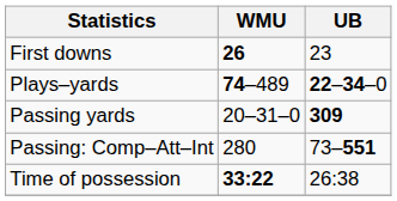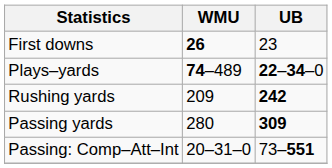 <table class="wikitable" style="float: left;">
 <tr>
 <th>Statistics</th>
 <th>WMU</th>
 <th>UB</th>
 </tr>
 <tr>
 <td>First downs</td>
 <td><strong>26</strong></td>
 <td>23</td>
 </tr>
 <tr>
 <td>Plays–yards</td>
 <td><strong>74</strong>–489</td>
 <td><strong>22</strong>–<strong>34</strong>–0</td>
 </tr>
 <tr>
+<td>Rushing yards</td>
+<td>209</td>
+<td><strong>242</strong></td>
+</tr>
+<tr>
 <td>Passing yards</td>
-<td>20–31–0</td>
+<td>280</td>
 <td><strong>309</strong></td>
 </tr>
 <tr>
 <td>Passing: Comp–Att–Int</td>
-<td>280</td>
+<td>20–31–0</td>
 <td>73–<strong>551</strong></td>
-</tr>
-<tr>
-<td>Time of possession</td>
-<td><strong>33:22</strong></td>
-<td>26:38</td>
 </tr>
 <tr>
 </tr>
 </table>
